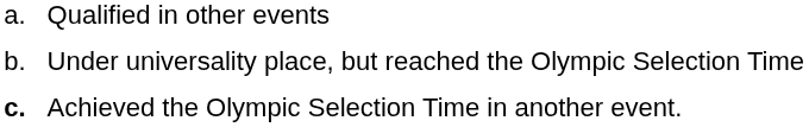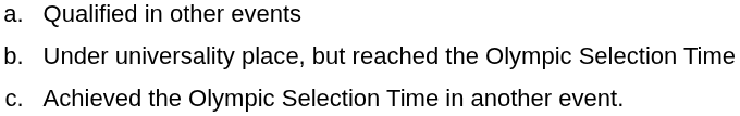 <table style="font-size: 95%; margin-left:13px; line-height:150%">
 <tr>
 <td align="right" valign="top">a.  </td>
 <td> Qualified in other events</td>
 </tr>
 <tr>
 <td align="right" valign="top">b.  </td>
 <td> Under universality place, but reached the Olympic Selection Time</td>
 </tr>
 <tr>
-<td align="right" valign="top"><strong>c.  </strong></td>
+<td align="right" valign="top">c.  </td>
 <td> Achieved the Olympic Selection Time in another event.</td>
 </tr>
 </table>
